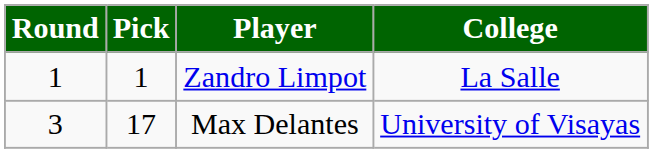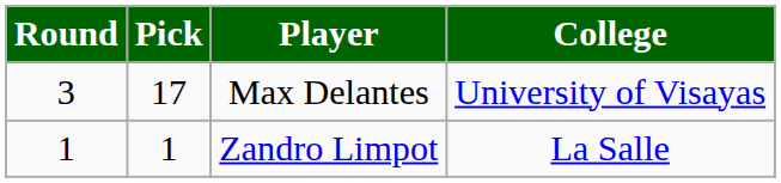 <table class="wikitable sortable sortable">
 <tr>
 <th style="background:#006401; color:#FFFFFF; ">Round</th>
 <th style="background:#006401; color:#FFFFFF; ">Pick</th>
 <th style="background:#006401; color:#FFFFFF; ">Player</th>
 <th style="background:#006401; color:#FFFFFF; ">College</th>
 </tr>
 <tr style="text-align: center">
+<td align="center">3</td>
+<td align="center">17</td>
+<td>Max Delantes</td>
+<td><a href='#'>University of Visayas</a></td>
+</tr>
+<tr style="text-align: center">
 <td align="center">1</td>
 <td align="center">1</td>
 <td><a href='#'>Zandro Limpot</a></td>
 <td><a href='#'>La Salle</a></td>
 </tr>
-<tr style="text-align: center">
-<td align="center">3</td>
-<td align="center">17</td>
-<td>Max Delantes</td>
-<td><a href='#'>University of Visayas</a></td>
-</tr>
 </table>
